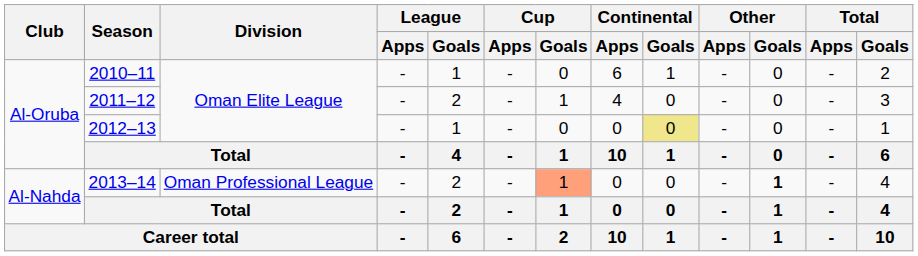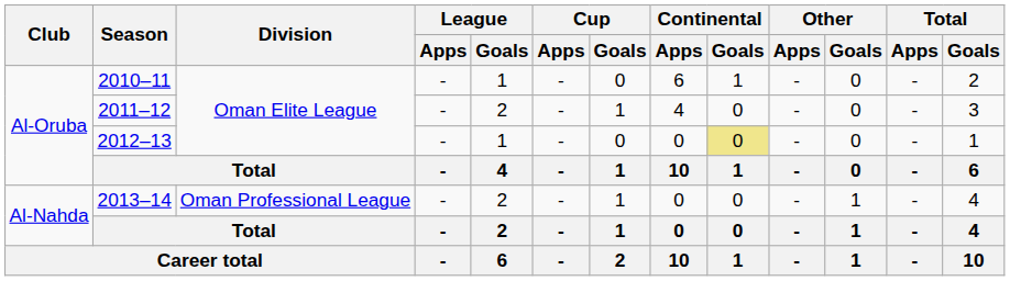 <table class="wikitable" style="text-align: center;">
 <tr>
 <th rowspan="2">Club</th>
 <th rowspan="2">Season</th>
 <th rowspan="2">Division</th>
 <th colspan="2">League</th>
 <th colspan="2">Cup</th>
 <th colspan="2">Continental</th>
 <th colspan="2">Other</th>
 <th colspan="2">Total</th>
 </tr>
 <tr>
 <th>Apps</th>
 <th>Goals</th>
 <th>Apps</th>
 <th>Goals</th>
 <th>Apps</th>
 <th>Goals</th>
 <th>Apps</th>
 <th>Goals</th>
 <th>Apps</th>
 <th>Goals</th>
 </tr>
 <tr>
 <td rowspan="4"><a href='#'>Al-Oruba</a></td>
 <td><a href='#'>2010–11</a></td>
 <td rowspan="3"><a href='#'>Oman Elite League</a></td>
 <td>-</td>
 <td>1</td>
 <td>-</td>
 <td>0</td>
 <td>6</td>
 <td>1</td>
 <td>-</td>
 <td>0</td>
 <td>-</td>
 <td>2</td>
 </tr>
 <tr>
 <td><a href='#'>2011–12</a></td>
 <td>-</td>
 <td>2</td>
 <td>-</td>
 <td>1</td>
 <td>4</td>
 <td>0</td>
 <td>-</td>
 <td>0</td>
 <td>-</td>
 <td>3</td>
 </tr>
 <tr>
 <td><a href='#'>2012–13</a></td>
 <td>-</td>
 <td>1</td>
 <td>-</td>
 <td>0</td>
 <td>0</td>
 <td style="background: khaki;">0</td>
 <td>-</td>
 <td>0</td>
 <td>-</td>
 <td>1</td>
 </tr>
 <tr>
 <th colspan="2">Total</th>
 <th>-</th>
 <th>4</th>
 <th>-</th>
 <th>1</th>
 <th>10</th>
 <th>1</th>
 <th>-</th>
 <th>0</th>
 <th>-</th>
 <th>6</th>
 </tr>
 <tr>
 <td rowspan="2"><a href='#'>Al-Nahda</a></td>
 <td><a href='#'>2013–14</a></td>
 <td rowspan="1"><a href='#'>Oman Professional League</a></td>
 <td>-</td>
 <td>2</td>
 <td>-</td>
-<td style="background: lightsalmon;">1</td>
+<td>1</td>
 <td>0</td>
 <td>0</td>
 <td>-</td>
-<td><strong>1</strong></td>
+<td>1</td>
 <td>-</td>
 <td>4</td>
 </tr>
 <tr>
 <th colspan="2">Total</th>
 <th>-</th>
 <th>2</th>
 <th>-</th>
 <th>1</th>
 <th>0</th>
 <th>0</th>
 <th>-</th>
 <th>1</th>
 <th>-</th>
 <th>4</th>
 </tr>
 <tr>
 <th colspan="3">Career total</th>
 <th>-</th>
 <th>6</th>
 <th>-</th>
 <th>2</th>
 <th>10</th>
 <th>1</th>
 <th>-</th>
 <th>1</th>
 <th>-</th>
 <th>10</th>
 </tr>
 </table>
